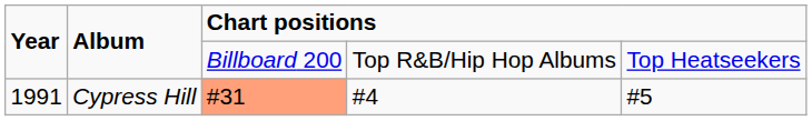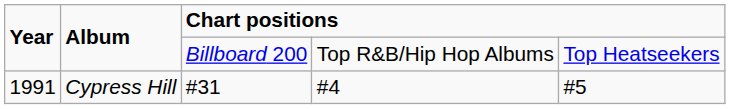 <table class="wikitable">
 <tr>
 <td rowspan="2"><strong>Year</strong></td>
 <td rowspan="2"><strong>Album</strong></td>
 <td colspan="3"><strong>Chart positions</strong></td>
 </tr>
 <tr>
 <td><a href='#'><em>Billboard</em> 200</a></td>
 <td>Top R&B/Hip Hop Albums</td>
 <td><a href='#'>Top Heatseekers</a></td>
 </tr>
 <tr>
 <td>1991</td>
 <td><em>Cypress Hill</em></td>
-<td style="background: lightsalmon;">#31</td>
+<td>#31</td>
 <td>#4</td>
 <td>#5</td>
 </tr>
 </table>
